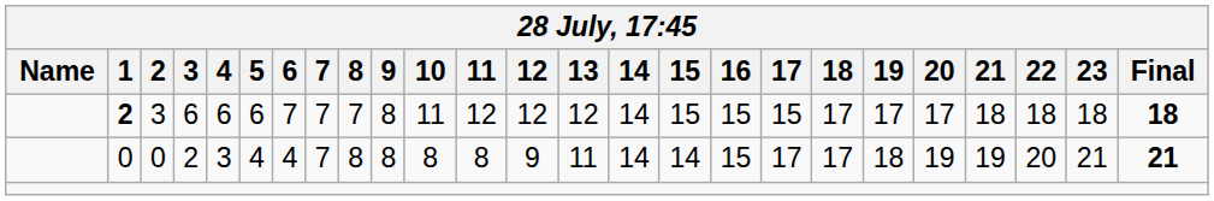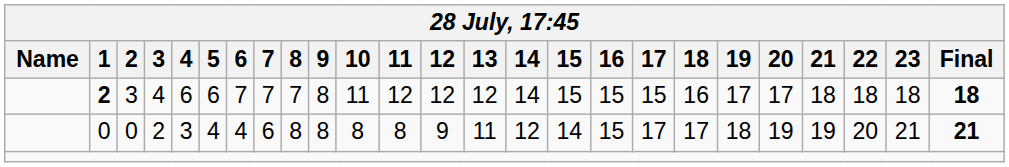 <table class=wikitable style="text-align:center; width: 55%">
 <tr>
 <th colspan=25><em>28 July, 17:45</em></th>
 </tr>
 <tr>
 <th>Name</th>
 <th>1</th>
 <th>2</th>
 <th>3</th>
 <th>4</th>
 <th>5</th>
 <th>6</th>
 <th>7</th>
 <th>8</th>
 <th>9</th>
 <th>10</th>
 <th>11</th>
 <th>12</th>
 <th>13</th>
 <th>14</th>
 <th>15</th>
 <th>16</th>
 <th>17</th>
 <th>18</th>
 <th>19</th>
 <th>20</th>
 <th>21</th>
 <th>22</th>
 <th>23</th>
 <th>Final</th>
 </tr>
 <tr>
 <td align=left></td>
 <td><strong>2</strong></td>
 <td>3</td>
-<td>6</td>
+<td>4</td>
 <td>6</td>
 <td>6</td>
 <td>7</td>
 <td>7</td>
 <td>7</td>
 <td>8</td>
 <td>11</td>
 <td>12</td>
 <td>12</td>
 <td>12</td>
 <td>14</td>
 <td>15</td>
 <td>15</td>
 <td>15</td>
-<td>17</td>
+<td>16</td>
 <td>17</td>
 <td>17</td>
 <td>18</td>
 <td>18</td>
 <td>18</td>
 <td><strong>18</strong></td>
 </tr>
 <tr>
 <td align=left><strong></strong></td>
 <td>0</td>
 <td>0</td>
 <td>2</td>
 <td>3</td>
 <td>4</td>
 <td>4</td>
-<td>7</td>
+<td>6</td>
 <td>8</td>
 <td>8</td>
 <td>8</td>
 <td>8</td>
 <td>9</td>
 <td>11</td>
-<td>14</td>
+<td>12</td>
 <td>14</td>
 <td>15</td>
 <td>17</td>
 <td>17</td>
 <td>18</td>
 <td>19</td>
 <td>19</td>
 <td>20</td>
 <td>21</td>
 <td><strong>21</strong></td>
 </tr>
 <tr>
 <td colspan=25></td>
 </tr>
 </table>
